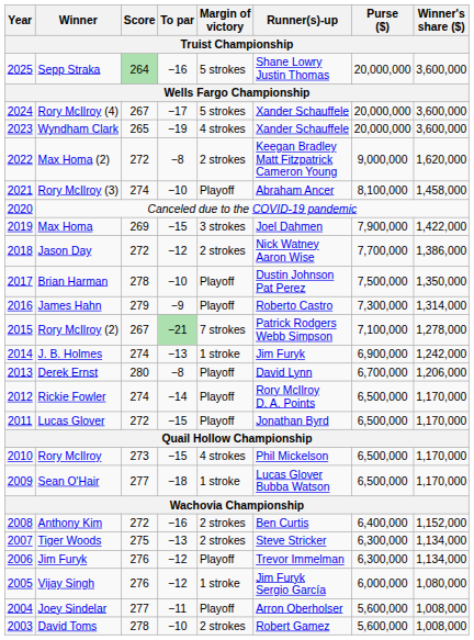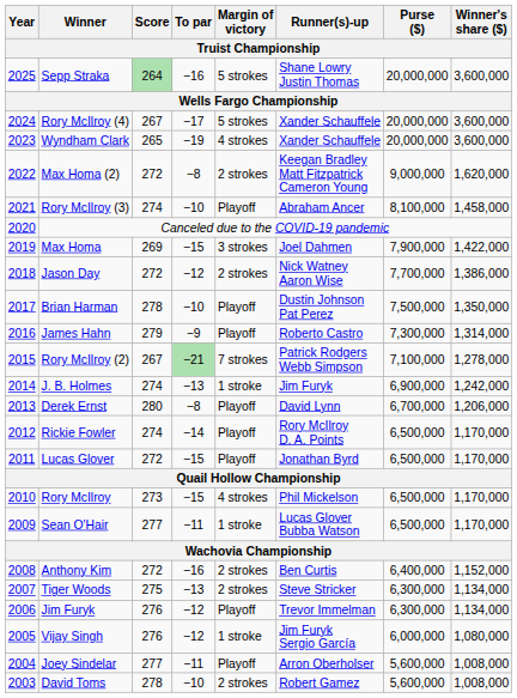 <table class="wikitable" style="font-size:95%">
 <tr>
 <th>Year</th>
 <th>Winner</th>
 <th>Score</th>
 <th>To par</th>
 <th>Margin of<br>victory</th>
 <th>Runner(s)-up</th>
 <th>Purse<br>($)</th>
 <th>Winner's<br>share ($)</th>
 </tr>
 <tr>
 <th colspan=9>Truist Championship</th>
 </tr>
 <tr>
 <td align=center><a href='#'>2025</a></td>
 <td> <a href='#'>Sepp Straka</a></td>
 <td style="text-align: center; background: #ACE1AF">264</td>
 <td align=center>−16</td>
 <td>5 strokes</td>
 <td> <a href='#'>Shane Lowry</a><br> <a href='#'>Justin Thomas</a></td>
 <td align=center>20,000,000</td>
 <td align=center>3,600,000</td>
 </tr>
 <tr>
 <th colspan=9>Wells Fargo Championship</th>
 </tr>
 <tr>
 <td align=center><a href='#'>2024</a></td>
 <td> <a href='#'>Rory McIlroy</a> (4)</td>
 <td align=center>267</td>
 <td align=center>−17</td>
 <td>5 strokes</td>
 <td> <a href='#'>Xander Schauffele</a></td>
 <td align=center>20,000,000</td>
 <td align=center>3,600,000</td>
 </tr>
 <tr>
 <td align=center><a href='#'>2023</a></td>
 <td> <a href='#'>Wyndham Clark</a></td>
 <td style="text-align: center">265</td>
 <td align=center>−19</td>
 <td>4 strokes</td>
 <td> <a href='#'>Xander Schauffele</a></td>
 <td align=center>20,000,000</td>
 <td align=center>3,600,000</td>
 </tr>
 <tr>
 <td align=center><a href='#'>2022</a></td>
 <td> <a href='#'>Max Homa</a> (2)</td>
 <td align=center>272</td>
 <td align=center>−8</td>
 <td>2 strokes</td>
 <td> <a href='#'>Keegan Bradley</a><br> <a href='#'>Matt Fitzpatrick</a><br> <a href='#'>Cameron Young</a></td>
 <td align=center>9,000,000</td>
 <td align=center>1,620,000</td>
 </tr>
 <tr>
 <td align=center><a href='#'>2021</a></td>
 <td> <a href='#'>Rory McIlroy</a> (3)</td>
 <td align=center>274</td>
 <td align=center>−10</td>
 <td>Playoff</td>
 <td> <a href='#'>Abraham Ancer</a></td>
 <td align=center>8,100,000</td>
 <td align=center>1,458,000</td>
 </tr>
 <tr>
 <td align=center><a href='#'>2020</a></td>
 <td colspan=7 align=center><em>Canceled due to the <a href='#'>COVID-19 pandemic</a></em></td>
 </tr>
 <tr>
 <td align=center><a href='#'>2019</a></td>
 <td> <a href='#'>Max Homa</a></td>
 <td align=center>269</td>
 <td align=center>−15</td>
 <td>3 strokes</td>
 <td> <a href='#'>Joel Dahmen</a></td>
 <td align=center>7,900,000</td>
 <td align=center>1,422,000</td>
 </tr>
 <tr>
 <td align=center><a href='#'>2018</a></td>
 <td> <a href='#'>Jason Day</a></td>
 <td align=center>272</td>
 <td align=center>−12</td>
 <td>2 strokes</td>
 <td> <a href='#'>Nick Watney</a><br> <a href='#'>Aaron Wise</a></td>
 <td align=center>7,700,000</td>
 <td align=center>1,386,000</td>
 </tr>
 <tr>
 <td align=center><a href='#'>2017</a></td>
 <td> <a href='#'>Brian Harman</a></td>
 <td align=center>278</td>
 <td align=center>−10</td>
 <td>Playoff</td>
 <td> <a href='#'>Dustin Johnson</a><br> <a href='#'>Pat Perez</a></td>
 <td align=center>7,500,000</td>
 <td align=center>1,350,000</td>
 </tr>
 <tr>
 <td align=center><a href='#'>2016</a></td>
 <td> <a href='#'>James Hahn</a></td>
 <td align=center>279</td>
 <td align=center>−9</td>
 <td>Playoff</td>
 <td> <a href='#'>Roberto Castro</a></td>
 <td align=center>7,300,000</td>
 <td align=center>1,314,000</td>
 </tr>
 <tr>
 <td align=center><a href='#'>2015</a></td>
 <td> <a href='#'>Rory McIlroy</a> (2)</td>
 <td align=center>267</td>
 <td style="text-align: center; background: #ACE1AF">−21</td>
 <td>7 strokes</td>
 <td> <a href='#'>Patrick Rodgers</a><br>  <a href='#'>Webb Simpson</a></td>
 <td align=center>7,100,000</td>
 <td align=center>1,278,000</td>
 </tr>
 <tr>
 <td align=center><a href='#'>2014</a></td>
 <td> <a href='#'>J. B. Holmes</a></td>
 <td align=center>274</td>
 <td align=center>−13</td>
 <td>1 stroke</td>
 <td> <a href='#'>Jim Furyk</a></td>
 <td align=center>6,900,000</td>
 <td align=center>1,242,000</td>
 </tr>
 <tr>
 <td align=center><a href='#'>2013</a></td>
 <td> <a href='#'>Derek Ernst</a></td>
 <td align=center>280</td>
 <td align=center>−8</td>
 <td>Playoff</td>
 <td> <a href='#'>David Lynn</a></td>
 <td align=center>6,700,000</td>
 <td align=center>1,206,000</td>
 </tr>
 <tr>
 <td align=center><a href='#'>2012</a></td>
 <td> <a href='#'>Rickie Fowler</a></td>
 <td align=center>274</td>
 <td align=center>−14</td>
 <td>Playoff</td>
 <td> <a href='#'>Rory McIlroy</a><br> <a href='#'>D. A. Points</a></td>
 <td align=center>6,500,000</td>
 <td align=center>1,170,000</td>
 </tr>
 <tr>
 <td align=center><a href='#'>2011</a></td>
 <td> <a href='#'>Lucas Glover</a></td>
 <td align=center>272</td>
 <td align=center>−15</td>
 <td>Playoff</td>
 <td> <a href='#'>Jonathan Byrd</a></td>
 <td align=center>6,500,000</td>
 <td align=center>1,170,000</td>
 </tr>
 <tr>
 <th colspan=9>Quail Hollow Championship</th>
 </tr>
 <tr>
 <td align=center><a href='#'>2010</a></td>
 <td> <a href='#'>Rory McIlroy</a></td>
 <td align=center>273</td>
 <td align=center>−15</td>
 <td>4 strokes</td>
 <td> <a href='#'>Phil Mickelson</a></td>
 <td align=center>6,500,000</td>
 <td align=center>1,170,000</td>
 </tr>
 <tr>
 <td align=center><a href='#'>2009</a></td>
 <td> <a href='#'>Sean O'Hair</a></td>
 <td align=center>277</td>
-<td align=center>−18</td>
+<td align=center>−11</td>
 <td>1 stroke</td>
 <td> <a href='#'>Lucas Glover</a><br> <a href='#'>Bubba Watson</a></td>
 <td align=center>6,500,000</td>
 <td align=center>1,170,000</td>
 </tr>
 <tr>
 <th colspan=9>Wachovia Championship</th>
 </tr>
 <tr>
 <td align=center><a href='#'>2008</a></td>
 <td> <a href='#'>Anthony Kim</a></td>
 <td align=center>272</td>
 <td align=center>−16</td>
 <td>2 strokes</td>
 <td> <a href='#'>Ben Curtis</a></td>
 <td align=center>6,400,000</td>
 <td align=center>1,152,000</td>
 </tr>
 <tr>
 <td align=center><a href='#'>2007</a></td>
 <td> <a href='#'>Tiger Woods</a></td>
 <td align=center>275</td>
 <td align=center>−13</td>
 <td>2 strokes</td>
 <td> <a href='#'>Steve Stricker</a></td>
 <td align=center>6,300,000</td>
 <td align=center>1,134,000</td>
 </tr>
 <tr>
 <td align=center><a href='#'>2006</a></td>
 <td> <a href='#'>Jim Furyk</a></td>
 <td align=center>276</td>
 <td align=center>−12</td>
 <td>Playoff</td>
 <td> <a href='#'>Trevor Immelman</a></td>
 <td align=center>6,300,000</td>
 <td align=center>1,134,000</td>
 </tr>
 <tr>
 <td align=center><a href='#'>2005</a></td>
 <td> <a href='#'>Vijay Singh</a></td>
 <td align=center>276</td>
 <td align=center>−12</td>
 <td>1 stroke</td>
 <td> <a href='#'>Jim Furyk</a><br> <a href='#'>Sergio García</a></td>
 <td align=center>6,000,000</td>
 <td align=center>1,080,000</td>
 </tr>
 <tr>
 <td align=center><a href='#'>2004</a></td>
 <td> <a href='#'>Joey Sindelar</a></td>
 <td align=center>277</td>
 <td align=center>−11</td>
 <td>Playoff</td>
 <td> <a href='#'>Arron Oberholser</a></td>
 <td align=center>5,600,000</td>
 <td align=center>1,008,000</td>
 </tr>
 <tr>
 <td align=center><a href='#'>2003</a></td>
 <td> <a href='#'>David Toms</a></td>
 <td align=center>278</td>
 <td align=center>−10</td>
 <td>2 strokes</td>
 <td> <a href='#'>Robert Gamez</a></td>
 <td align=center>5,600,000</td>
 <td align=center>1,008,000</td>
 </tr>
 </table>
